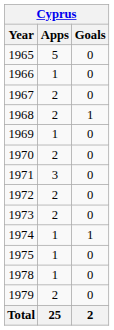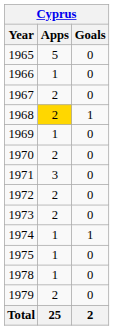 <table class="wikitable" style="text-align:center">
 <tr>
 <th colspan=3><a href='#'>Cyprus</a></th>
 </tr>
 <tr>
 <th>Year</th>
 <th>Apps</th>
 <th>Goals</th>
 </tr>
 <tr>
 <td>1965</td>
 <td>5</td>
 <td>0</td>
 </tr>
 <tr>
 <td>1966</td>
 <td>1</td>
 <td>0</td>
 </tr>
 <tr>
 <td>1967</td>
 <td>2</td>
 <td>0</td>
 </tr>
 <tr>
 <td>1968</td>
-<td>2</td>
+<td style="background: gold;">2</td>
 <td>1</td>
 </tr>
 <tr>
 <td>1969</td>
 <td>1</td>
 <td>0</td>
 </tr>
 <tr>
 <td>1970</td>
 <td>2</td>
 <td>0</td>
 </tr>
 <tr>
 <td>1971</td>
 <td>3</td>
 <td>0</td>
 </tr>
 <tr>
 <td>1972</td>
 <td>2</td>
 <td>0</td>
 </tr>
 <tr>
 <td>1973</td>
 <td>2</td>
 <td>0</td>
 </tr>
 <tr>
 <td>1974</td>
 <td>1</td>
 <td>1</td>
 </tr>
 <tr>
 <td>1975</td>
 <td>1</td>
 <td>0</td>
 </tr>
 <tr>
 <td>1978</td>
 <td>1</td>
 <td>0</td>
 </tr>
 <tr>
 <td>1979</td>
 <td>2</td>
 <td>0</td>
 </tr>
 <tr>
 <th>Total</th>
 <th>25</th>
 <th>2</th>
 </tr>
 </table>
